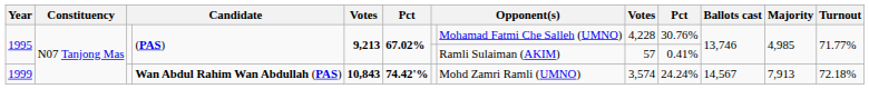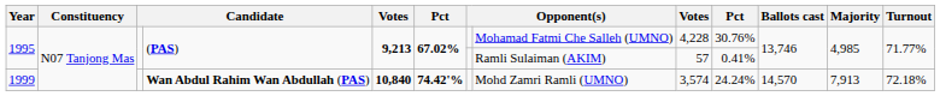 <table class="wikitable" style="margin:0.5em ; font-size:95%">
 <tr>
 <th>Year</th>
 <th>Constituency</th>
 <th colspan=2>Candidate</th>
 <th>Votes</th>
 <th>Pct</th>
 <th colspan=2>Opponent(s)</th>
 <th>Votes</th>
 <th>Pct</th>
 <th>Ballots cast</th>
 <th>Majority</th>
 <th>Turnout</th>
 </tr>
 <tr>
 <td rowspan=2><a href='#'>1995</a></td>
 <td rowspan=3>N07 <a href='#'>Tanjong Mas</a></td>
 <td rowspan=2 ></td>
 <td rowspan=2> (<a href='#'><strong>PAS</strong></a>)</td>
 <td rowspan=2 align="right"><strong>9,213</strong></td>
 <td rowspan=2><strong>67.02%</strong></td>
 <td></td>
 <td><a href='#'>Mohamad Fatmi Che Salleh</a> (<a href='#'>UMNO</a>)</td>
 <td align="right">4,228</td>
 <td>30.76%</td>
 <td rowspan=2>13,746</td>
 <td rowspan=2>4,985</td>
 <td rowspan=2>71.77%</td>
 </tr>
 <tr>
 <td></td>
 <td>Ramli Sulaiman (<a href='#'>AKIM</a>)</td>
 <td align="right">57</td>
 <td align="right">0.41%</td>
 </tr>
 <tr>
 <td><a href='#'>1999</a></td>
 <td></td>
 <td><strong>Wan Abdul Rahim Wan Abdullah</strong> (<a href='#'><strong>PAS</strong></a>)</td>
-<td align="right"><strong>10,843</strong></td>
+<td align="right"><strong>10,840</strong></td>
 <td><strong>74.42'%</strong></td>
 <td></td>
 <td>Mohd Zamri Ramli (<a href='#'>UMNO</a>)</td>
 <td align="right">3,574</td>
 <td>24.24%</td>
-<td>14,567</td>
+<td>14,570</td>
 <td>7,913</td>
 <td>72.18%</td>
 </tr>
 </table>
